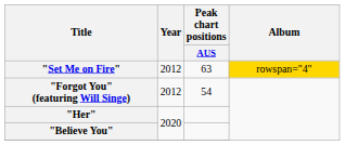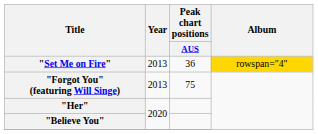 <table class="wikitable plainrowheaders" style="text-align:center;" border="1">
 <tr>
 <th scope="col" rowspan="2" style="width:14em;">Title</th>
 <th scope="col" rowspan="2">Year</th>
 <th scope="col" colspan="1">Peak chart positions<br></th>
 <th scope="col" rowspan="2" style="width:10em;">Album</th>
 </tr>
 <tr>
 <th scope="col" style="width:3em;font-size:90%;"><a href='#'>AUS</a><br></th>
 </tr>
 <tr>
 <th scope="row">"<a href='#'>Set Me on Fire</a>"</th>
-<td>2012</td>
-<td>63</td>
+<td>2013</td>
+<td>36</td>
 <td style="background: gold;">rowspan="4" </td>
 </tr>
 <tr>
 <th scope="row">"Forgot You"<br><span>(featuring <a href='#'>Will Singe</a>)</span></th>
-<td>2012</td>
-<td>54</td>
+<td>2013</td>
+<td>75</td>
 </tr>
 <tr>
 <th scope="row">"Her"</th>
 <td rowspan="2">2020</td>
 <td></td>
 </tr>
 <tr>
 <th scope="row">"Believe You"</th>
 <td></td>
 </tr>
 <tr>
 </tr>
 </table>
